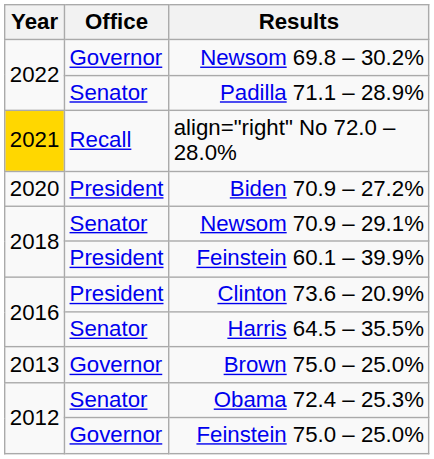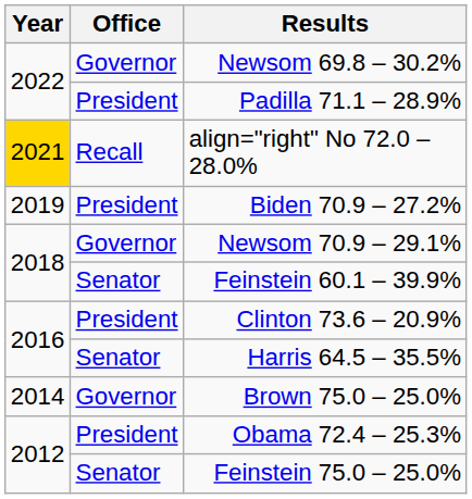 <table class=wikitable>
 <tr>
 <th width="30">Year</th>
 <th width="60">Office</th>
 <th width="180">Results</th>
 </tr>
 <tr>
 <td rowspan="2">2022</td>
 <td><a href='#'>Governor</a></td>
 <td align="right" ><a href='#'>Newsom</a> 69.8 – 30.2%</td>
 </tr>
 <tr>
-<td><a href='#'>Senator</a></td>
+<td><a href='#'>President</a></td>
 <td align="right" ><a href='#'>Padilla</a> 71.1 – 28.9%</td>
 </tr>
 <tr>
 <td style="background: gold;">2021</td>
 <td><a href='#'>Recall</a></td>
 <td>align="right"  No 72.0 – 28.0%</td>
 </tr>
 <tr>
-<td>2020</td>
+<td>2019</td>
 <td><a href='#'>President</a></td>
 <td align="right" ><a href='#'>Biden</a> 70.9 – 27.2%</td>
 </tr>
 <tr>
 <td rowspan="2">2018</td>
-<td><a href='#'>Senator</a></td>
+<td><a href='#'>Governor</a></td>
 <td align="right" ><a href='#'>Newsom</a> 70.9 – 29.1%</td>
 </tr>
 <tr>
-<td><a href='#'>President</a></td>
+<td><a href='#'>Senator</a></td>
 <td align="right" ><a href='#'>Feinstein</a> 60.1 – 39.9%</td>
 </tr>
 <tr>
 <td rowspan="2">2016</td>
 <td><a href='#'>President</a></td>
 <td align="right" ><a href='#'>Clinton</a> 73.6 – 20.9%</td>
 </tr>
 <tr>
 <td><a href='#'>Senator</a></td>
 <td align="right" ><a href='#'>Harris</a> 64.5 – 35.5%</td>
 </tr>
 <tr>
-<td>2013</td>
+<td>2014</td>
 <td><a href='#'>Governor</a></td>
 <td align="right" ><a href='#'>Brown</a> 75.0 – 25.0%</td>
 </tr>
 <tr>
 <td rowspan="2">2012</td>
-<td><a href='#'>Senator</a></td>
+<td><a href='#'>President</a></td>
 <td align="right" ><a href='#'>Obama</a> 72.4 – 25.3%</td>
 </tr>
 <tr>
-<td><a href='#'>Governor</a></td>
+<td><a href='#'>Senator</a></td>
 <td align="right" ><a href='#'>Feinstein</a> 75.0 – 25.0%</td>
 </tr>
 </table>
